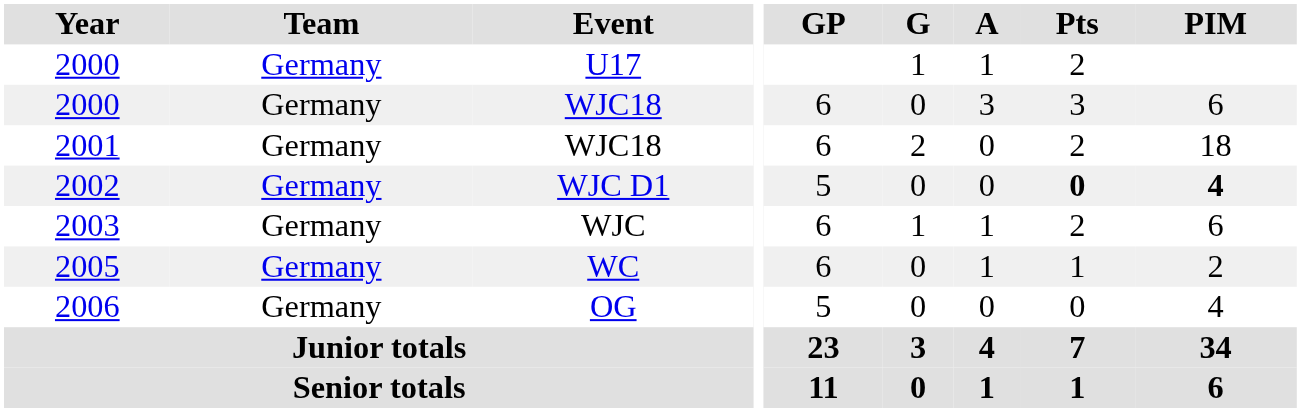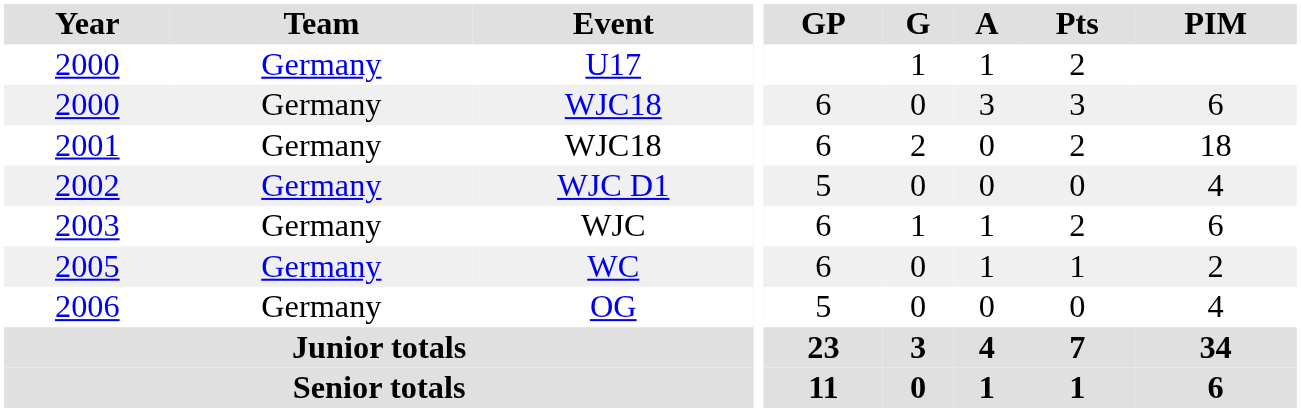 <table border="0" cellpadding="1" cellspacing="0" ID="Table3" style="text-align:center; width:40em">
 <tr ALIGN="center" bgcolor="#e0e0e0">
 <th>Year</th>
 <th>Team</th>
 <th>Event</th>
 <th rowspan="99" bgcolor="#ffffff"></th>
 <th>GP</th>
 <th>G</th>
 <th>A</th>
 <th>Pts</th>
 <th>PIM</th>
 </tr>
 <tr>
 <td><a href='#'>2000</a></td>
 <td><a href='#'>Germany</a></td>
 <td><a href='#'>U17</a></td>
 <td></td>
 <td>1</td>
 <td>1</td>
 <td>2</td>
 <td></td>
 </tr>
 <tr bgcolor="#f0f0f0">
 <td><a href='#'>2000</a></td>
 <td>Germany</td>
 <td><a href='#'>WJC18</a></td>
 <td>6</td>
 <td>0</td>
 <td>3</td>
 <td>3</td>
 <td>6</td>
 </tr>
 <tr>
 <td><a href='#'>2001</a></td>
 <td>Germany</td>
 <td>WJC18</td>
 <td>6</td>
 <td>2</td>
 <td>0</td>
 <td>2</td>
 <td>18</td>
 </tr>
 <tr bgcolor="#f0f0f0">
 <td><a href='#'>2002</a></td>
 <td><a href='#'>Germany</a></td>
 <td><a href='#'>WJC D1</a></td>
 <td>5</td>
 <td>0</td>
 <td>0</td>
-<td><strong>0</strong></td>
-<td><strong>4</strong></td>
+<td>0</td>
+<td>4</td>
 </tr>
 <tr>
 <td><a href='#'>2003</a></td>
 <td>Germany</td>
 <td>WJC</td>
 <td>6</td>
 <td>1</td>
 <td>1</td>
 <td>2</td>
 <td>6</td>
 </tr>
 <tr bgcolor="#f0f0f0">
 <td><a href='#'>2005</a></td>
 <td><a href='#'>Germany</a></td>
 <td><a href='#'>WC</a></td>
 <td>6</td>
 <td>0</td>
 <td>1</td>
 <td>1</td>
 <td>2</td>
 </tr>
 <tr>
 <td><a href='#'>2006</a></td>
 <td>Germany</td>
 <td><a href='#'>OG</a></td>
 <td>5</td>
 <td>0</td>
 <td>0</td>
 <td>0</td>
 <td>4</td>
 </tr>
 <tr bgcolor="#e0e0e0">
 <th colspan="3">Junior totals</th>
 <th>23</th>
 <th>3</th>
 <th>4</th>
 <th>7</th>
 <th>34</th>
 </tr>
 <tr bgcolor="#e0e0e0">
 <th colspan="3">Senior totals</th>
 <th>11</th>
 <th>0</th>
 <th>1</th>
 <th>1</th>
 <th>6</th>
 </tr>
 </table>
